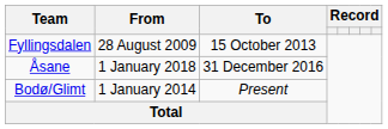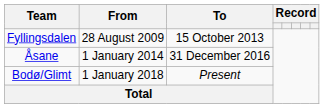 <table class="wikitable" style="text-align: center">
 <tr>
 <th rowspan="2">Team</th>
 <th rowspan="2">From</th>
 <th rowspan="2">To</th>
 <th colspan="5">Record</th>
 </tr>
 <tr>
 <th></th>
 <th></th>
 <th></th>
 <th></th>
 <th></th>
 </tr>
 <tr>
 <td><a href='#'>Fyllingsdalen</a></td>
 <td>28 August 2009</td>
 <td>15 October 2013<br></td>
 </tr>
 <tr>
 <td><a href='#'>Åsane</a></td>
-<td>1 January 2018</td>
+<td>1 January 2014</td>
 <td>31 December 2016<br></td>
 </tr>
 <tr>
 <td><a href='#'>Bodø/Glimt</a></td>
-<td>1 January 2014</td>
+<td>1 January 2018</td>
 <td><em>Present</em><br></td>
 </tr>
 <tr>
 <th colspan="3">Total<br></th>
 </tr>
 </table>
